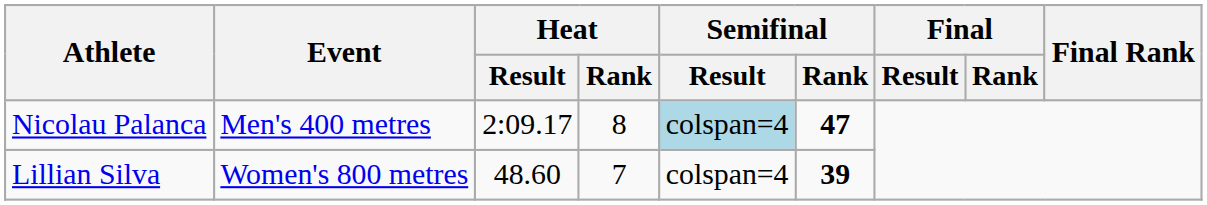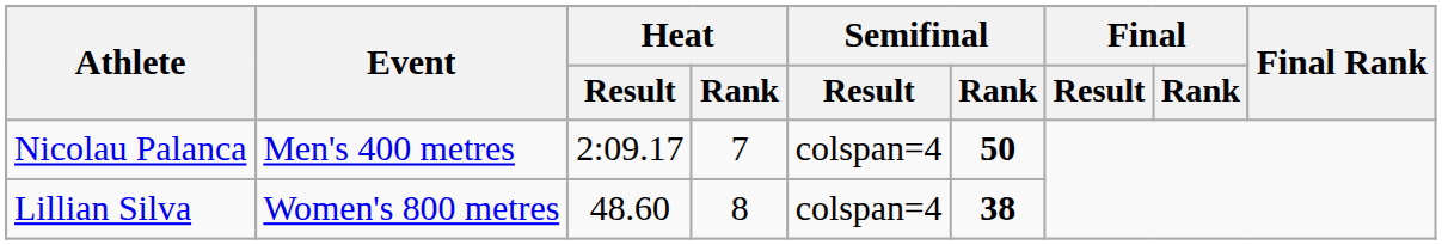 <table class="wikitable" style="font-size:90%">
 <tr>
 <th rowspan="2">Athlete</th>
 <th rowspan="2">Event</th>
 <th colspan="2">Heat</th>
 <th colspan="2">Semifinal</th>
 <th colspan="2">Final</th>
 <th colspan="2" rowspan="2">Final Rank</th>
 </tr>
 <tr style="font-size:95%">
 <th>Result</th>
 <th>Rank</th>
 <th>Result</th>
 <th>Rank</th>
 <th>Result</th>
 <th>Rank</th>
 </tr>
 <tr align=center>
 <td align=left><a href='#'>Nicolau Palanca</a></td>
 <td align=left><a href='#'>Men's 400 metres</a></td>
 <td>2:09.17</td>
-<td>8</td>
-<td style="background: lightblue;">colspan=4 </td>
-<td><strong>47</strong></td>
+<td>7</td>
+<td>colspan=4 </td>
+<td><strong>50</strong></td>
 </tr>
 <tr align=center>
 <td align=left><a href='#'>Lillian Silva</a></td>
 <td align=left><a href='#'>Women's 800 metres</a></td>
 <td>48.60</td>
-<td>7</td>
+<td>8</td>
 <td>colspan=4 </td>
-<td><strong>39</strong></td>
+<td><strong>38</strong></td>
 </tr>
 </table>
